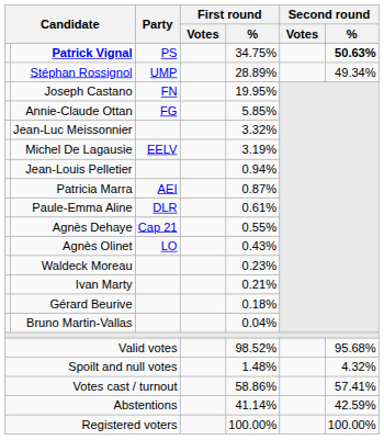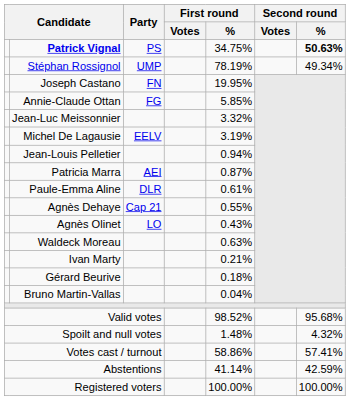 <table class="wikitable" style="text-align:right;font-size:95%;">
 <tr>
 <th rowspan=2 colspan=2>Candidate</th>
 <th rowspan=2 colspan=1>Party</th>
 <th colspan=2>First round</th>
 <th colspan=2>Second round</th>
 </tr>
 <tr>
 <th style="width:50px;">Votes</th>
 <th style="width:55px;">%</th>
 <th style="width:50px;">Votes</th>
 <th style="width:55px;">%</th>
 </tr>
 <tr>
 <td style="color:inherit;background-color:"></td>
 <td><strong><a href='#'>Patrick Vignal</a></strong></td>
 <td><a href='#'>PS</a></td>
 <td></td>
 <td>34.75%</td>
 <td><strong></strong></td>
 <td><strong>50.63%</strong></td>
 </tr>
 <tr>
 <td style="color:inherit;background-color:"></td>
 <td><a href='#'>Stéphan Rossignol</a></td>
 <td><a href='#'>UMP</a></td>
 <td></td>
-<td>28.89%</td>
+<td>78.19%</td>
 <td></td>
 <td>49.34%</td>
 </tr>
 <tr>
 <td style="color:inherit;background-color:"></td>
 <td>Joseph Castano</td>
 <td><a href='#'>FN</a></td>
 <td></td>
 <td>19.95%</td>
 <td colspan=7 rowspan=13 style="background-color:#E9E9E9;"></td>
 </tr>
 <tr>
 <td style="color:inherit;background-color:"></td>
 <td>Annie-Claude Ottan</td>
 <td><a href='#'>FG</a></td>
 <td></td>
 <td>5.85%</td>
 </tr>
 <tr>
 <td style="background-color:;"></td>
 <td>Jean-Luc Meissonnier</td>
 <td></td>
 <td></td>
 <td>3.32%</td>
 </tr>
 <tr>
 <td style="color:inherit;background-color:"></td>
 <td>Michel De Lagausie</td>
 <td><a href='#'>EELV</a></td>
 <td></td>
 <td>3.19%</td>
 </tr>
 <tr>
 <td style="background-color:;"></td>
 <td>Jean-Louis Pelletier</td>
 <td></td>
 <td></td>
 <td>0.94%</td>
 </tr>
 <tr>
 <td style="color:inherit;background-color:"></td>
 <td>Patricia Marra</td>
 <td><a href='#'>AEI</a></td>
 <td></td>
 <td>0.87%</td>
 </tr>
 <tr>
 <td style="color:inherit;background-color:"></td>
 <td>Paule-Emma Aline</td>
 <td><a href='#'>DLR</a></td>
 <td></td>
 <td>0.61%</td>
 </tr>
 <tr>
 <td style="color:inherit;background-color:"></td>
 <td>Agnès Dehaye</td>
 <td><a href='#'>Cap 21</a></td>
 <td></td>
 <td>0.55%</td>
 </tr>
 <tr>
 <td style="color:inherit;background-color:"></td>
 <td>Agnès Olinet</td>
 <td><a href='#'>LO</a></td>
 <td></td>
 <td>0.43%</td>
 </tr>
 <tr>
 <td style="background-color:;"></td>
 <td>Waldeck Moreau</td>
 <td></td>
 <td></td>
-<td>0.23%</td>
+<td>0.63%</td>
 </tr>
 <tr>
 <td style="background-color:;"></td>
 <td>Ivan Marty</td>
 <td></td>
 <td></td>
 <td>0.21%</td>
 </tr>
 <tr>
 <td style="background-color:;"></td>
 <td>Gérard Beurive</td>
 <td></td>
 <td></td>
 <td>0.18%</td>
 </tr>
 <tr>
 <td style="background-color:;"></td>
 <td>Bruno Martin-Vallas</td>
 <td></td>
 <td></td>
 <td>0.04%</td>
 </tr>
 <tr>
 <td colspan=7 style="background-color:#E9E9E9;"></td>
 </tr>
 <tr>
 <td colspan=3>Valid votes</td>
 <td></td>
 <td>98.52%</td>
 <td></td>
 <td>95.68%</td>
 </tr>
 <tr>
 <td colspan=3>Spoilt and null votes</td>
 <td></td>
 <td>1.48%</td>
 <td></td>
 <td>4.32%</td>
 </tr>
 <tr>
 <td colspan=3>Votes cast / turnout</td>
 <td></td>
 <td>58.86%</td>
 <td></td>
 <td>57.41%</td>
 </tr>
 <tr>
 <td colspan=3>Abstentions</td>
 <td></td>
 <td>41.14%</td>
 <td></td>
 <td>42.59%</td>
 </tr>
 <tr>
 <td colspan=3>Registered voters</td>
 <td></td>
 <td>100.00%</td>
 <td></td>
 <td>100.00%</td>
 </tr>
 </table>
